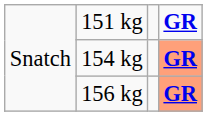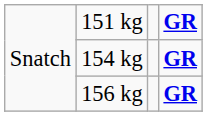 <table class = "wikitable" style="text-align:center;">
 <tr>
 <td rowspan=3>Snatch</td>
 <td>151 kg</td>
 <td align=left></td>
 <td><strong><a href='#'>GR</a></strong></td>
 </tr>
 <tr>
 <td>154 kg</td>
 <td align=left></td>
-<td style="background: lightsalmon;"><strong><a href='#'>GR</a></strong></td>
+<td><strong><a href='#'>GR</a></strong></td>
 </tr>
 <tr>
 <td>156 kg</td>
 <td align=left></td>
-<td style="background: lightsalmon;"><strong><a href='#'>GR</a></strong></td>
+<td><strong><a href='#'>GR</a></strong></td>
 </tr>
 </table>
